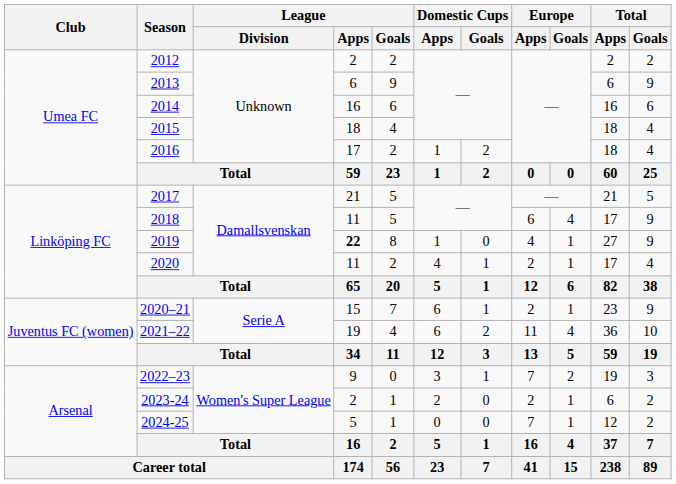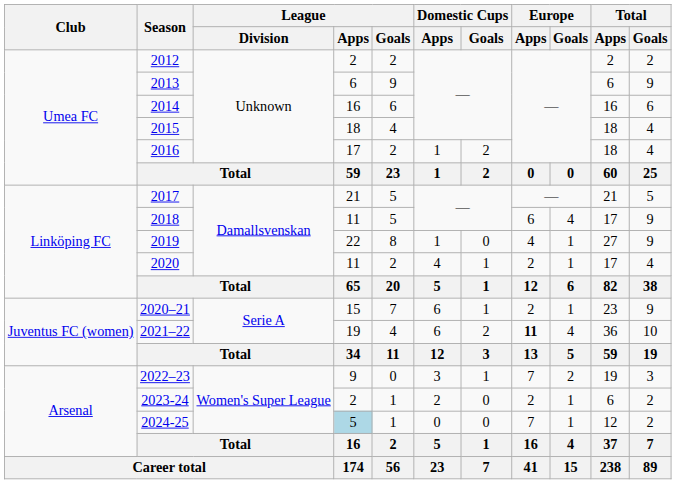 <table class="wikitable" style="text-align:center">
 <tr>
 <th rowspan="2">Club</th>
 <th rowspan="2">Season</th>
 <th colspan="3">League</th>
 <th colspan="2">Domestic Cups</th>
 <th colspan="2">Europe</th>
 <th colspan="2">Total</th>
 </tr>
 <tr>
 <th>Division</th>
 <th>Apps</th>
 <th>Goals</th>
 <th>Apps</th>
 <th>Goals</th>
 <th>Apps</th>
 <th>Goals</th>
 <th>Apps</th>
 <th>Goals</th>
 </tr>
 <tr>
 <td rowspan="6"><a href='#'>Umea FC</a></td>
 <td><a href='#'>2012</a></td>
 <td rowspan="5">Unknown</td>
 <td>2</td>
 <td>2</td>
 <td colspan="2" rowspan="4">—</td>
 <td colspan="2" rowspan="5">—</td>
 <td>2</td>
 <td>2</td>
 </tr>
 <tr>
 <td><a href='#'>2013</a></td>
 <td>6</td>
 <td>9</td>
 <td>6</td>
 <td>9</td>
 </tr>
 <tr>
 <td><a href='#'>2014</a></td>
 <td>16</td>
 <td>6</td>
 <td>16</td>
 <td>6</td>
 </tr>
 <tr>
 <td><a href='#'>2015</a></td>
 <td>18</td>
 <td>4</td>
 <td>18</td>
 <td>4</td>
 </tr>
 <tr>
 <td><a href='#'>2016</a></td>
 <td>17</td>
 <td>2</td>
 <td>1</td>
 <td>2</td>
 <td>18</td>
 <td>4</td>
 </tr>
 <tr>
 <th colspan="2">Total</th>
 <th>59</th>
 <th>23</th>
 <th>1</th>
 <th>2</th>
 <th>0</th>
 <th>0</th>
 <th>60</th>
 <th 89="2">25</th>
 </tr>
 <tr>
 <td rowspan="5"><a href='#'>Linköping FC</a></td>
 <td><a href='#'>2017</a></td>
 <td rowspan="4"><a href='#'>Damallsvenskan</a></td>
 <td>21</td>
 <td>5</td>
 <td colspan="2" rowspan="2">—</td>
 <td colspan="2">—</td>
 <td>21</td>
 <td>5</td>
 </tr>
 <tr>
 <td><a href='#'>2018</a></td>
 <td>11</td>
 <td>5</td>
 <td>6</td>
 <td>4</td>
 <td>17</td>
 <td>9</td>
 </tr>
 <tr>
 <td><a href='#'>2019</a></td>
-<td><strong>22</strong></td>
+<td>22</td>
 <td>8</td>
 <td>1</td>
 <td>0</td>
 <td>4</td>
 <td>1</td>
 <td>27</td>
 <td>9</td>
 </tr>
 <tr>
 <td><a href='#'>2020</a></td>
 <td>11</td>
 <td>2</td>
 <td>4</td>
 <td>1</td>
 <td>2</td>
 <td>1</td>
 <td>17</td>
 <td>4</td>
 </tr>
 <tr>
 <th colspan="2">Total</th>
 <th>65</th>
 <th>20</th>
 <th>5</th>
 <th>1</th>
 <th>12</th>
 <th>6</th>
 <th>82</th>
 <th 89="2">38</th>
 </tr>
 <tr>
 <td rowspan="3"><a href='#'>Juventus FC (women)</a></td>
 <td><a href='#'>2020–21</a></td>
 <td rowspan="2"><a href='#'>Serie A</a></td>
 <td>15</td>
 <td>7</td>
 <td>6</td>
 <td>1</td>
 <td>2</td>
 <td>1</td>
 <td>23</td>
 <td>9</td>
 </tr>
 <tr>
 <td><a href='#'>2021–22</a></td>
 <td>19</td>
 <td>4</td>
 <td>6</td>
 <td>2</td>
-<td>11</td>
+<td><strong>11</strong></td>
 <td>4</td>
 <td>36</td>
 <td>10</td>
 </tr>
 <tr>
 <th colspan="2">Total</th>
 <th>34</th>
 <th>11</th>
 <th>12</th>
 <th>3</th>
 <th>13</th>
 <th>5</th>
 <th>59</th>
 <th 89="2">19</th>
 </tr>
 <tr>
 <td rowspan="4"><a href='#'>Arsenal</a></td>
 <td><a href='#'>2022–23</a></td>
 <td rowspan="3"><a href='#'>Women's Super League</a></td>
 <td>9</td>
 <td>0</td>
 <td>3</td>
 <td>1</td>
 <td>7</td>
 <td>2</td>
 <td>19</td>
 <td>3</td>
 </tr>
 <tr>
 <td><a href='#'>2023-24</a></td>
 <td>2</td>
 <td>1</td>
 <td>2</td>
 <td>0</td>
 <td>2</td>
 <td>1</td>
 <td>6</td>
 <td>2</td>
 </tr>
 <tr>
 <td><a href='#'>2024-25</a></td>
-<td>5</td>
+<td style="background: lightblue;">5</td>
 <td>1</td>
 <td>0</td>
 <td>0</td>
 <td>7</td>
 <td>1</td>
 <td>12</td>
 <td>2</td>
 </tr>
 <tr>
 <th colspan="2">Total</th>
 <th>16</th>
 <th>2</th>
 <th>5</th>
 <th>1</th>
 <th>16</th>
 <th>4</th>
 <th>37</th>
 <th 89="2">7</th>
 </tr>
 <tr>
 <th colspan="3">Career total</th>
 <th>174</th>
 <th>56</th>
 <th>23</th>
 <th>7</th>
 <th>41</th>
 <th>15</th>
 <th>238</th>
 <th>89</th>
 </tr>
 </table>
